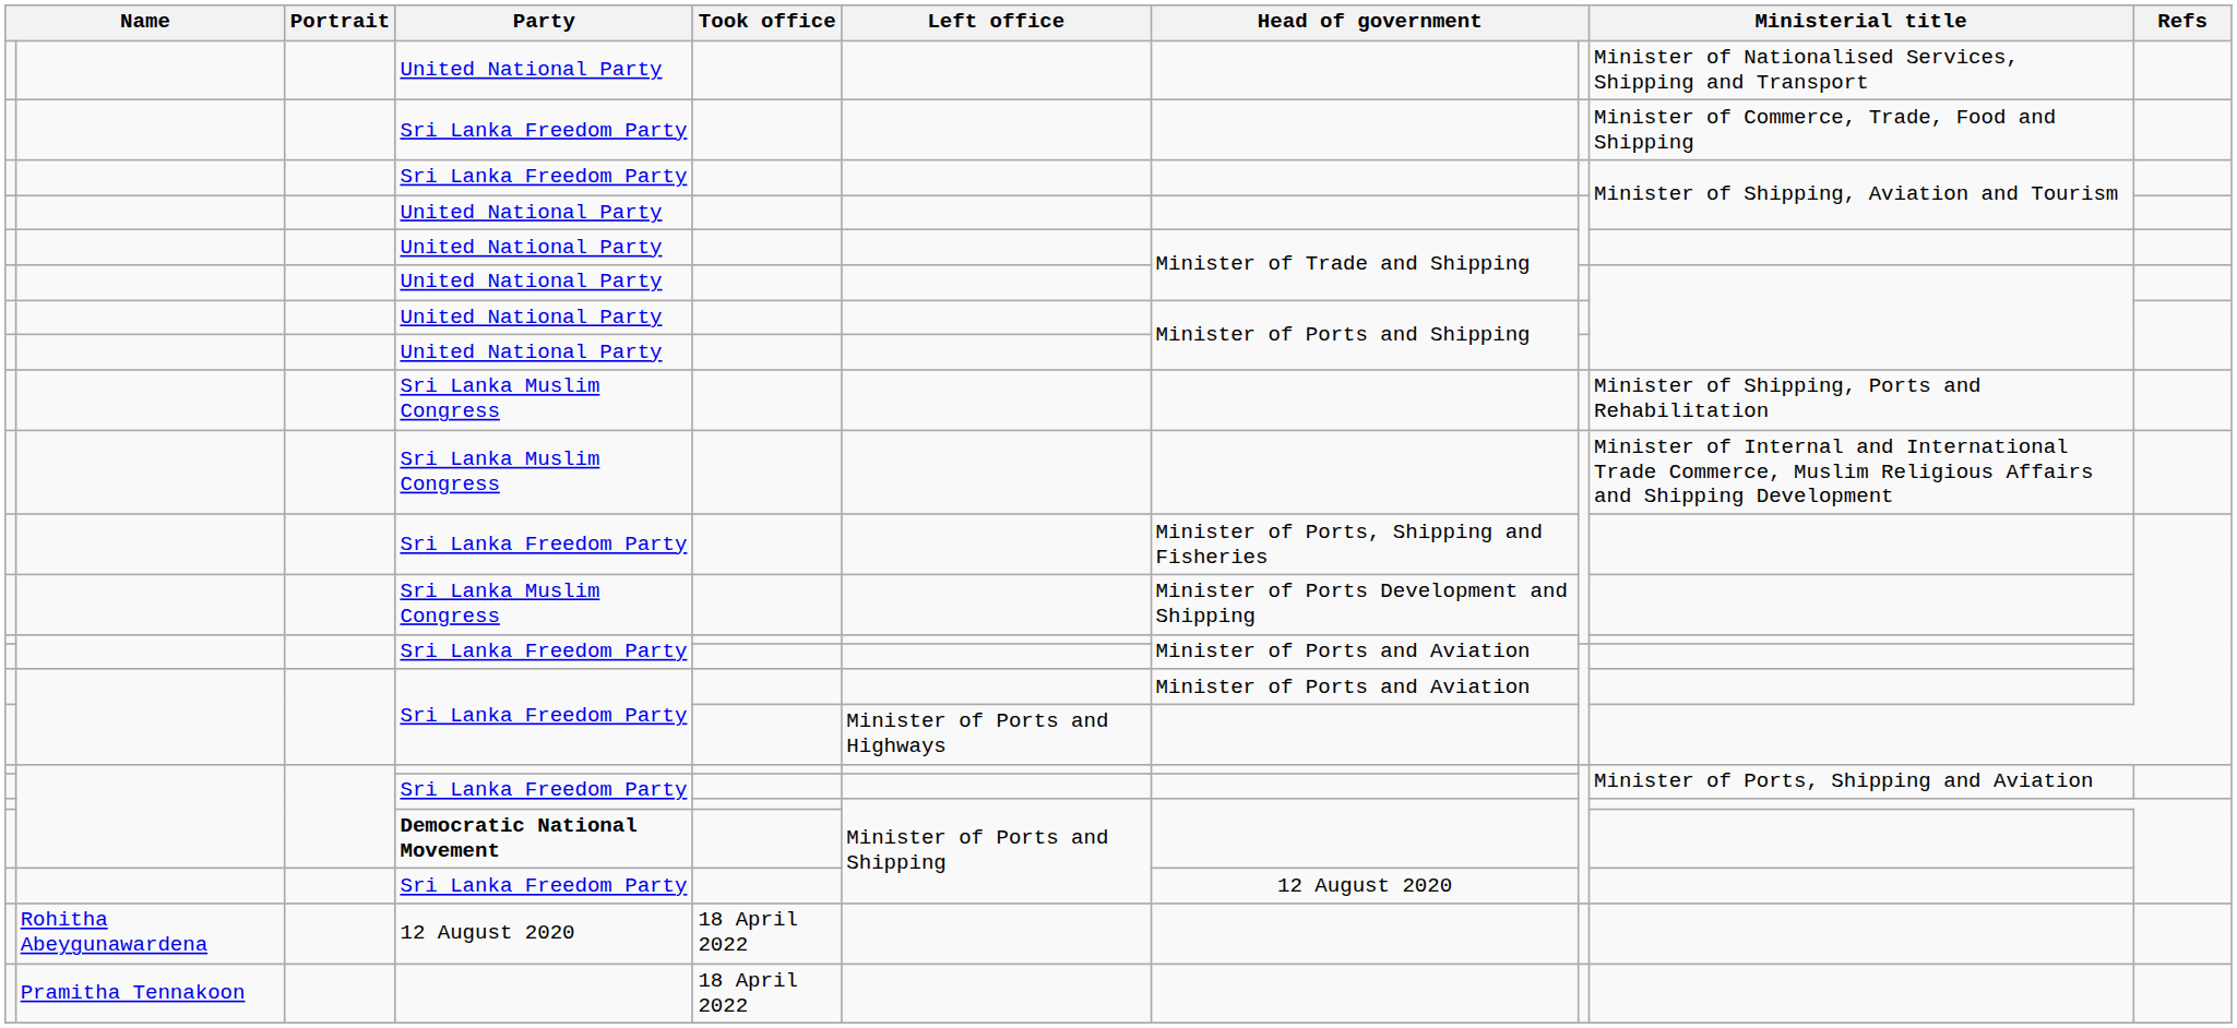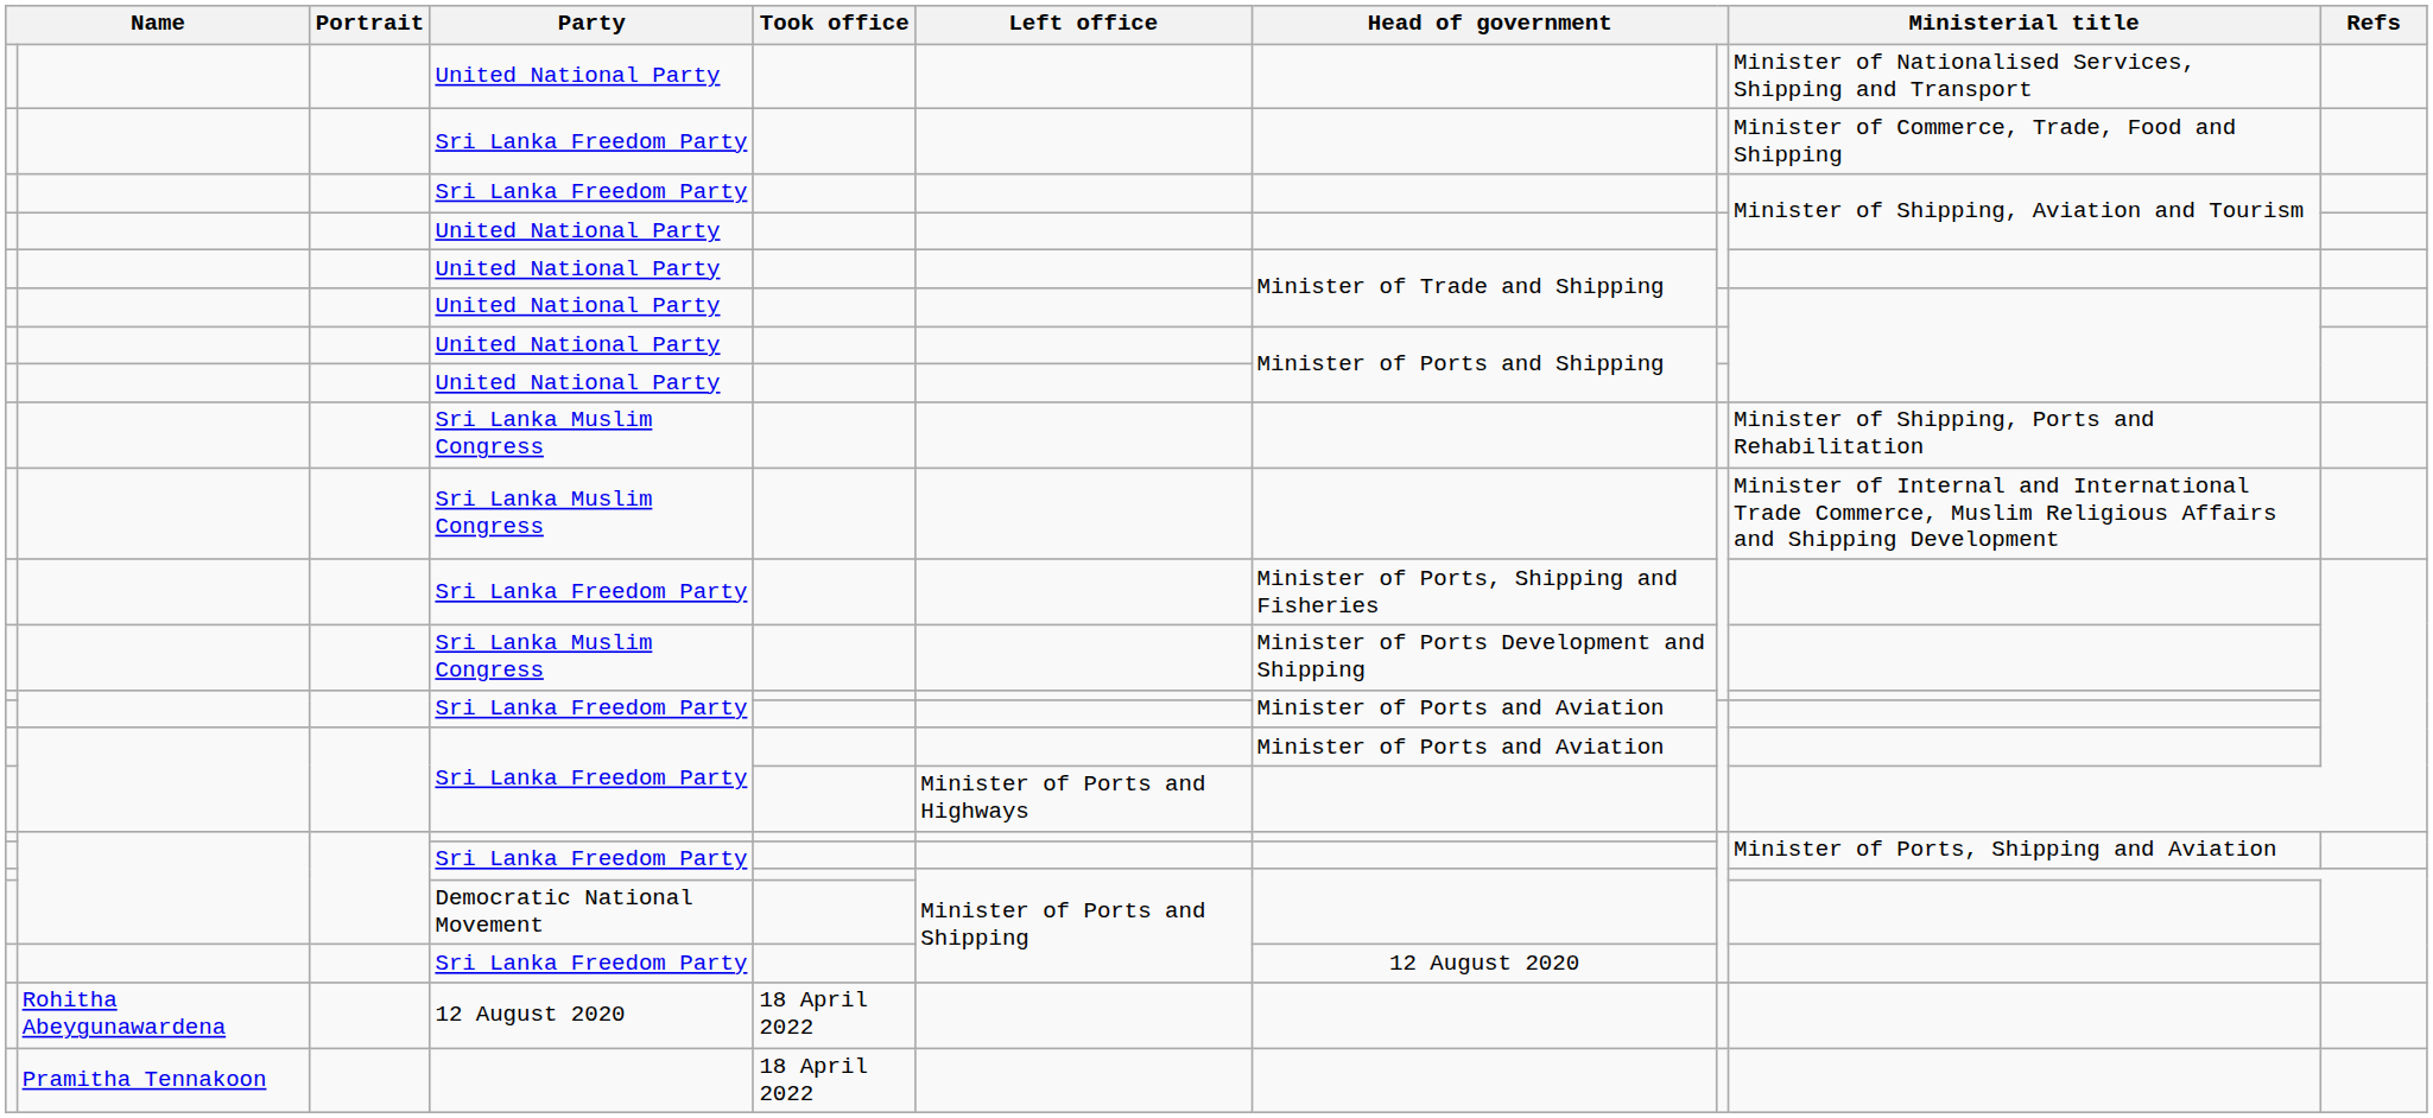 <table class="wikitable plainrowheaders sortable" style="font-size:90%; text-align:left;">
 <tr>
 <th scope=col colspan="2">Name</th>
 <th scope=col class=unsortable>Portrait</th>
 <th scope=col>Party</th>
 <th scope=col>Took office</th>
 <th scope=col>Left office</th>
 <th scope=col colspan="2">Head of government</th>
 <th scope=col width=300px>Ministerial title</th>
 <th scope=col width=50px class=unsortable>Refs</th>
 </tr>
 <tr>
 <td !align="center" style="background:"></td>
 <td></td>
 <td></td>
 <td><a href='#'>United National Party</a></td>
 <td align=center></td>
 <td align=center></td>
 <td !align="center" style="background:"></td>
 <td></td>
 <td>Minister of Nationalised Services, Shipping and Transport</td>
 <td align=center></td>
 </tr>
 <tr>
 <td !align="center" style="background:"></td>
 <td></td>
 <td></td>
 <td><a href='#'>Sri Lanka Freedom Party</a></td>
 <td align=center></td>
 <td></td>
 <td !align="center" style="background:"></td>
 <td></td>
 <td>Minister of Commerce, Trade, Food and Shipping</td>
 <td align=center></td>
 </tr>
 <tr>
 <td !align="center" style="background:"></td>
 <td></td>
 <td align=center></td>
 <td><a href='#'>Sri Lanka Freedom Party</a></td>
 <td></td>
 <td></td>
 <td !align="center" style="background:"></td>
 <td></td>
 <td rowspan=2>Minister of Shipping, Aviation and Tourism</td>
 <td align=center></td>
 </tr>
 <tr>
 <td !align="center" style="background:"></td>
 <td></td>
 <td></td>
 <td><a href='#'>United National Party</a></td>
 <td align=center></td>
 <td></td>
 <td !align="center" style="background:"></td>
 <td rowspan=2></td>
 <td align=center></td>
 </tr>
 <tr>
 <td !align="center" style="background:"></td>
 <td></td>
 <td></td>
 <td><a href='#'>United National Party</a></td>
 <td></td>
 <td></td>
 <td rowspan=2>Minister of Trade and Shipping</td>
 <td align=center></td>
 </tr>
 <tr>
 <td !align="center" style="background:"></td>
 <td></td>
 <td></td>
 <td><a href='#'>United National Party</a></td>
 <td align=center></td>
 <td align=center></td>
 <td !align="center" style="background:"></td>
 <td rowspan=3></td>
 <td align=center></td>
 </tr>
 <tr>
 <td !align="center" style="background:"></td>
 <td></td>
 <td></td>
 <td><a href='#'>United National Party</a></td>
 <td align=center></td>
 <td align=center></td>
 <td rowspan=2>Minister of Ports and Shipping</td>
 <td align=center></td>
 </tr>
 <tr>
 <td !align="center" style="background:"></td>
 <td></td>
 <td></td>
 <td><a href='#'>United National Party</a></td>
 <td align=center></td>
 <td></td>
 <td align=center></td>
 </tr>
 <tr>
 <td !align="center" style="background:"></td>
 <td></td>
 <td></td>
 <td><a href='#'>Sri Lanka Muslim Congress</a></td>
 <td></td>
 <td align=center></td>
 <td !align="center" style="background:"></td>
 <td></td>
 <td>Minister of Shipping, Ports and Rehabilitation</td>
 <td align=center></td>
 </tr>
 <tr>
 <td !align="center" style="background:"></td>
 <td></td>
 <td align=center></td>
 <td><a href='#'>Sri Lanka Muslim Congress</a></td>
 <td align=center></td>
 <td align=center></td>
 <td !align="center" style="background:"></td>
 <td rowspan=4></td>
 <td>Minister of Internal and International Trade Commerce, Muslim Religious Affairs and Shipping Development</td>
 <td align=center></td>
 </tr>
 <tr>
 <td !align="center" style="background:"></td>
 <td></td>
 <td align=center></td>
 <td><a href='#'>Sri Lanka Freedom Party</a></td>
 <td align=center></td>
 <td></td>
 <td>Minister of Ports, Shipping and Fisheries</td>
 <td align=center></td>
 </tr>
 <tr>
 <td !align="center" style="background:"></td>
 <td></td>
 <td align=center></td>
 <td><a href='#'>Sri Lanka Muslim Congress</a></td>
 <td align=center></td>
 <td></td>
 <td>Minister of Ports Development and Shipping</td>
 <td align=center></td>
 </tr>
 <tr>
 <td !align="center" style="background:"></td>
 <td rowspan=2></td>
 <td align=center rowspan=2></td>
 <td rowspan=2><a href='#'>Sri Lanka Freedom Party</a></td>
 <td align=center></td>
 <td></td>
 <td rowspan=2>Minister of Ports and Aviation</td>
 <td align=center></td>
 </tr>
 <tr>
 <td align=center></td>
 <td></td>
 <td !align="center" style="background:"></td>
 <td rowspan=3></td>
 <td align=center></td>
 </tr>
 <tr>
 <td !align="center" style="background:"></td>
 <td rowspan=2></td>
 <td align=center rowspan=2></td>
 <td rowspan=2><a href='#'>Sri Lanka Freedom Party</a></td>
 <td align=center></td>
 <td></td>
 <td>Minister of Ports and Aviation</td>
 <td align=center></td>
 </tr>
 <tr>
 <td align=center></td>
 <td></td>
 <td>Minister of Ports and Highways</td>
 <td align=center></td>
 </tr>
 <tr>
 <td></td>
 <td rowspan=4></td>
 <td align=center rowspan=4></td>
 <td></td>
 <td align=center></td>
 <td align=center></td>
 <td !align="center" style="background:"></td>
 <td rowspan=5></td>
 <td rowspan=2>Minister of Ports, Shipping and Aviation</td>
 <td align=center rowspan=2></td>
 </tr>
 <tr>
 <td !align="center" style="background:"></td>
 <td rowspan=2><a href='#'>Sri Lanka Freedom Party</a></td>
 <td align=center></td>
 <td align=center></td>
 </tr>
 <tr>
 <td align=center></td>
 <td align=center></td>
 <td rowspan=3>Minister of Ports and Shipping</td>
 <td align=center rowspan=2></td>
 </tr>
 <tr>
 <td></td>
-<td><strong>Democratic National Movement</strong></td>
+<td>Democratic National Movement</td>
 <td align=center></td>
 <td align=center></td>
 </tr>
 <tr>
 <td !align="center" style="background:"></td>
 <td></td>
 <td align=center></td>
 <td><a href='#'>Sri Lanka Freedom Party</a></td>
 <td align=center></td>
 <td align=center>12 August 2020</td>
 <td align="center"></td>
 </tr>
 <tr>
 <td></td>
 <td><a href='#'>Rohitha Abeygunawardena</a></td>
 <td></td>
 <td>12 August 2020</td>
 <td>18 April 2022</td>
 <td></td>
 <td></td>
 <td></td>
 <td></td>
 <td></td>
 </tr>
 <tr>
 <td></td>
 <td><a href='#'>Pramitha Tennakoon</a></td>
 <td></td>
 <td></td>
 <td>18 April 2022</td>
 <td></td>
 <td></td>
 <td></td>
 <td></td>
 <td></td>
 </tr>
 </table>
